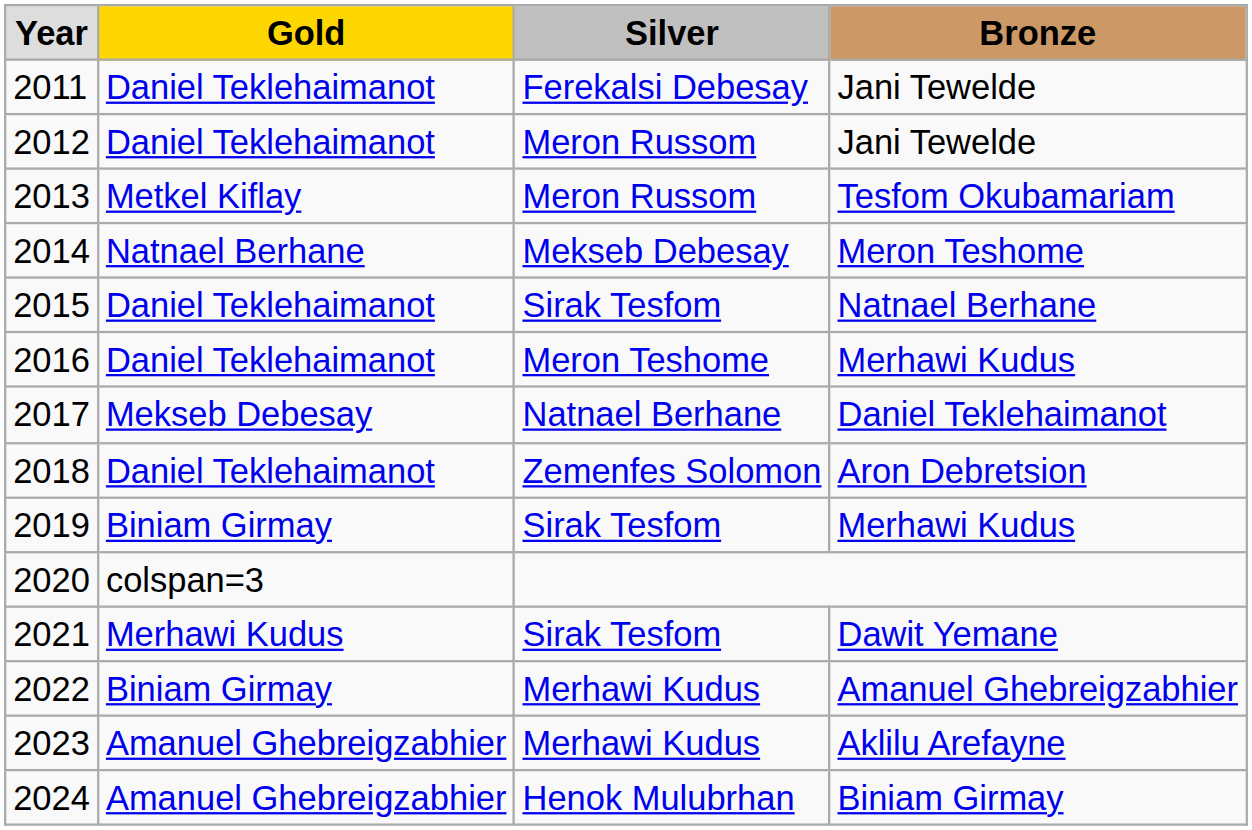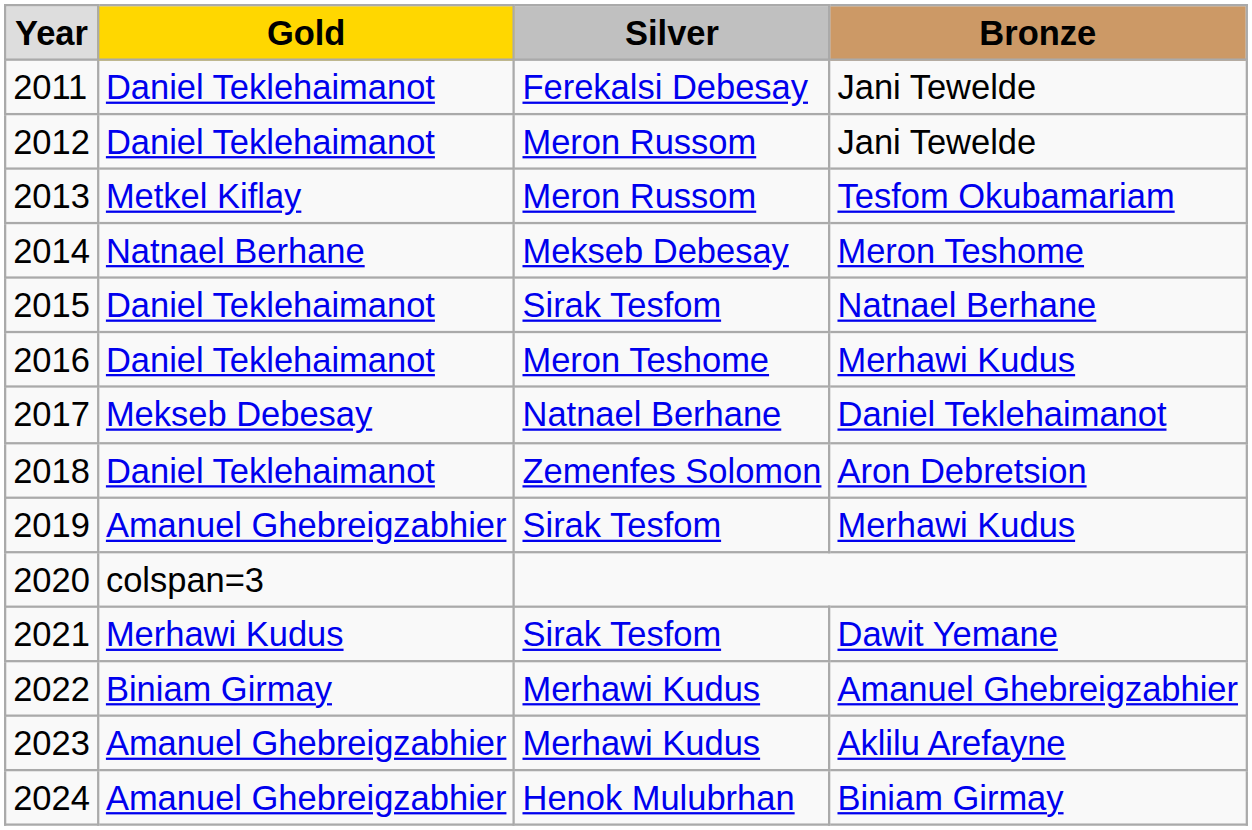 <table class="wikitable sortable alternance" style="font-size:95%">
 <tr>
 <td style="background:#DDDDDD; font-weight:bold; text-align:center;">Year</td>
 <td style="background:gold; font-weight:bold; text-align:center;">Gold</td>
 <td style="background:silver; font-weight:bold; text-align:center;">Silver</td>
 <td style="background:#cc9966; font-weight:bold; text-align:center;">Bronze</td>
 </tr>
 <tr>
 <td>2011</td>
 <td><a href='#'>Daniel Teklehaimanot</a></td>
 <td><a href='#'>Ferekalsi Debesay</a></td>
 <td>Jani Tewelde</td>
 </tr>
 <tr>
 <td>2012</td>
 <td><a href='#'>Daniel Teklehaimanot</a></td>
 <td><a href='#'>Meron Russom</a></td>
 <td>Jani Tewelde</td>
 </tr>
 <tr>
 <td>2013</td>
 <td><a href='#'>Metkel Kiflay</a></td>
 <td><a href='#'>Meron Russom</a></td>
 <td><a href='#'>Tesfom Okubamariam</a></td>
 </tr>
 <tr>
 <td>2014</td>
 <td><a href='#'>Natnael Berhane</a></td>
 <td><a href='#'>Mekseb Debesay</a></td>
 <td><a href='#'>Meron Teshome</a></td>
 </tr>
 <tr>
 <td>2015</td>
 <td><a href='#'>Daniel Teklehaimanot</a></td>
 <td><a href='#'>Sirak Tesfom</a></td>
 <td><a href='#'>Natnael Berhane</a></td>
 </tr>
 <tr>
 <td>2016</td>
 <td><a href='#'>Daniel Teklehaimanot</a></td>
 <td><a href='#'>Meron Teshome</a></td>
 <td><a href='#'>Merhawi Kudus</a></td>
 </tr>
 <tr>
 <td>2017</td>
 <td><a href='#'>Mekseb Debesay</a></td>
 <td><a href='#'>Natnael Berhane</a></td>
 <td><a href='#'>Daniel Teklehaimanot</a></td>
 </tr>
 <tr>
 <td>2018</td>
 <td><a href='#'>Daniel Teklehaimanot</a></td>
 <td><a href='#'>Zemenfes Solomon</a></td>
 <td><a href='#'>Aron Debretsion</a></td>
 </tr>
 <tr>
 <td>2019</td>
-<td><a href='#'>Biniam Girmay</a></td>
+<td><a href='#'>Amanuel Ghebreigzabhier</a></td>
 <td><a href='#'>Sirak Tesfom</a></td>
 <td><a href='#'>Merhawi Kudus</a></td>
 </tr>
 <tr>
 <td>2020</td>
 <td>colspan=3 </td>
 </tr>
 <tr>
 <td>2021</td>
 <td><a href='#'>Merhawi Kudus</a></td>
 <td><a href='#'>Sirak Tesfom</a></td>
 <td><a href='#'>Dawit Yemane</a></td>
 </tr>
 <tr>
 <td>2022</td>
 <td><a href='#'>Biniam Girmay</a></td>
 <td><a href='#'>Merhawi Kudus</a></td>
 <td><a href='#'>Amanuel Ghebreigzabhier</a></td>
 </tr>
 <tr>
 <td>2023</td>
 <td><a href='#'>Amanuel Ghebreigzabhier</a></td>
 <td><a href='#'>Merhawi Kudus</a></td>
 <td><a href='#'>Aklilu Arefayne</a></td>
 </tr>
 <tr>
 <td>2024</td>
 <td><a href='#'>Amanuel Ghebreigzabhier</a></td>
 <td><a href='#'>Henok Mulubrhan</a></td>
 <td><a href='#'>Biniam Girmay</a></td>
 </tr>
 </table>
